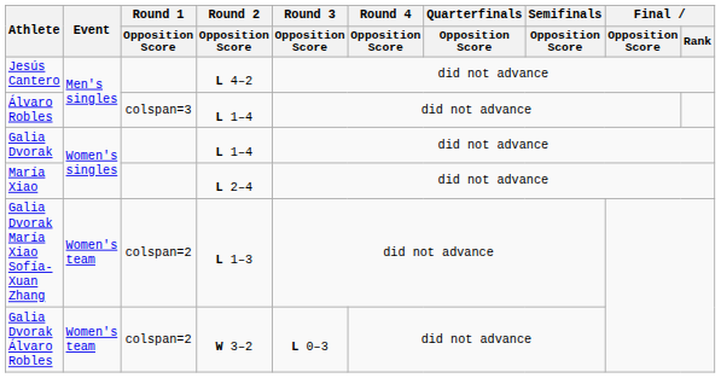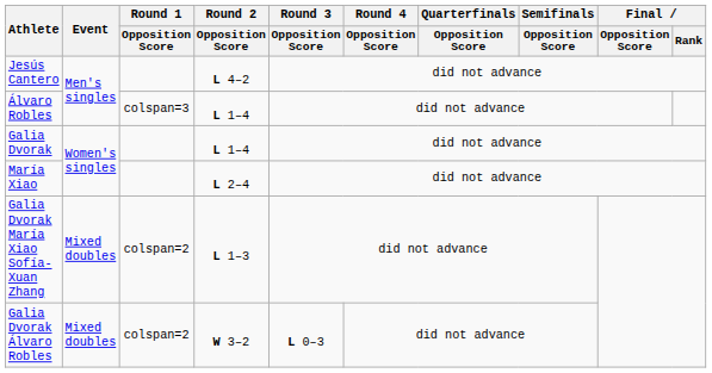 <table class=wikitable style="font-size:90%">
 <tr>
 <th rowspan="2">Athlete</th>
 <th rowspan="2">Event</th>
 <th>Round 1</th>
 <th>Round 2</th>
 <th>Round 3</th>
 <th>Round 4</th>
 <th>Quarterfinals</th>
 <th>Semifinals</th>
 <th colspan=2>Final / </th>
 </tr>
 <tr style="font-size:95%">
 <th>Opposition<br>Score</th>
 <th>Opposition<br>Score</th>
 <th>Opposition<br>Score</th>
 <th>Opposition<br>Score</th>
 <th>Opposition<br>Score</th>
 <th>Opposition<br>Score</th>
 <th>Opposition<br>Score</th>
 <th>Rank</th>
 </tr>
 <tr align=center>
 <td align=left><a href='#'>Jesús Cantero</a></td>
 <td align=left rowspan=2><a href='#'>Men's singles</a></td>
 <td></td>
 <td><br><strong>L</strong> 4–2</td>
 <td colspan=6>did not advance</td>
 </tr>
 <tr align=center>
 <td align=left><a href='#'>Álvaro Robles</a></td>
 <td>colspan=3 </td>
 <td><br><strong>L</strong> 1–4</td>
 <td colspan=5>did not advance</td>
 </tr>
 <tr align=center>
 <td align=left><a href='#'>Galia Dvorak</a></td>
 <td align=left rowspan=2><a href='#'>Women's singles</a></td>
 <td></td>
 <td><br><strong>L</strong> 1–4</td>
 <td colspan=6>did not advance</td>
 </tr>
 <tr align=center>
 <td align=left><a href='#'>María Xiao</a></td>
 <td></td>
 <td><br><strong>L</strong> 2–4</td>
 <td colspan=6>did not advance</td>
 </tr>
 <tr align=center>
 <td align=left><a href='#'>Galia Dvorak</a><br><a href='#'>María Xiao</a><br><a href='#'>Sofía-Xuan Zhang</a></td>
-<td align=left><a href='#'>Women's team</a></td>
+<td align=left><a href='#'>Mixed doubles</a></td>
 <td>colspan=2 </td>
 <td><br><strong>L</strong> 1–3</td>
 <td colspan=4>did not advance</td>
 </tr>
 <tr align=center>
 <td align=left><a href='#'>Galia Dvorak</a><br><a href='#'>Álvaro Robles</a></td>
-<td align=left><a href='#'>Women's team</a></td>
+<td align=left><a href='#'>Mixed doubles</a></td>
 <td>colspan=2 </td>
 <td><br><strong>W</strong> 3–2</td>
 <td><br><strong>L</strong> 0–3</td>
 <td colspan=3>did not advance</td>
 </tr>
 </table>
